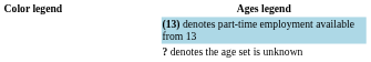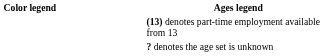 <table class="toccolours" style="font-size: 90%; white-space: nowrap”">
 <tr>
 <th><strong>Color legend</strong></th>
 <th><strong>Ages legend</strong></th>
 </tr>
 <tr>
 <td width="340"></td>
-<td style="background: lightblue;"><strong>(13)</strong> denotes part-time employment available from 13</td>
+<td><strong>(13)</strong> denotes part-time employment available from 13</td>
 </tr>
 <tr>
 <td width="340"></td>
 <td><strong>?</strong> denotes the age set is unknown</td>
 </tr>
 <tr>
 <td width="340"></td>
 <td></td>
 </tr>
 <tr>
 <td width="340"></td>
 <td></td>
 </tr>
 <tr>
 <td width="340"></td>
 <td></td>
 </tr>
 <tr>
 </tr>
 </table>
